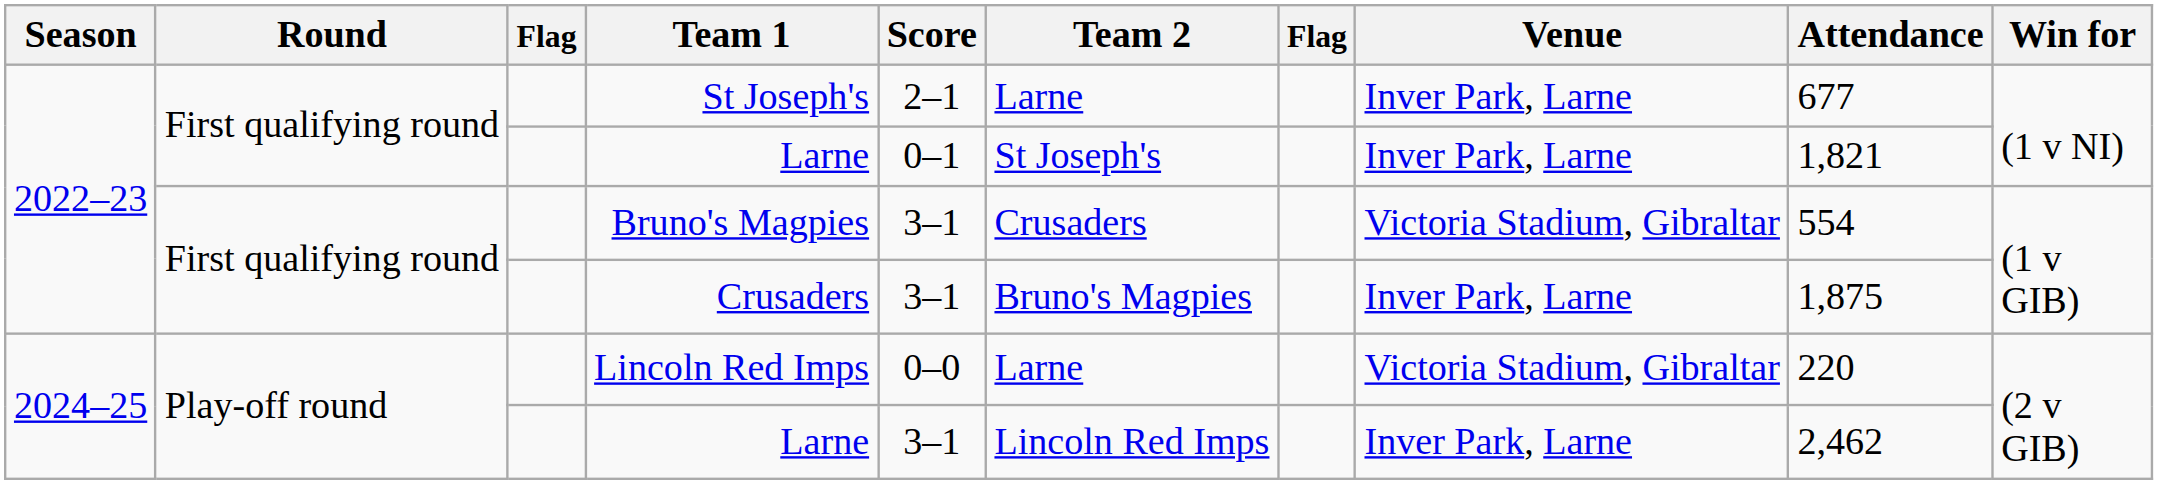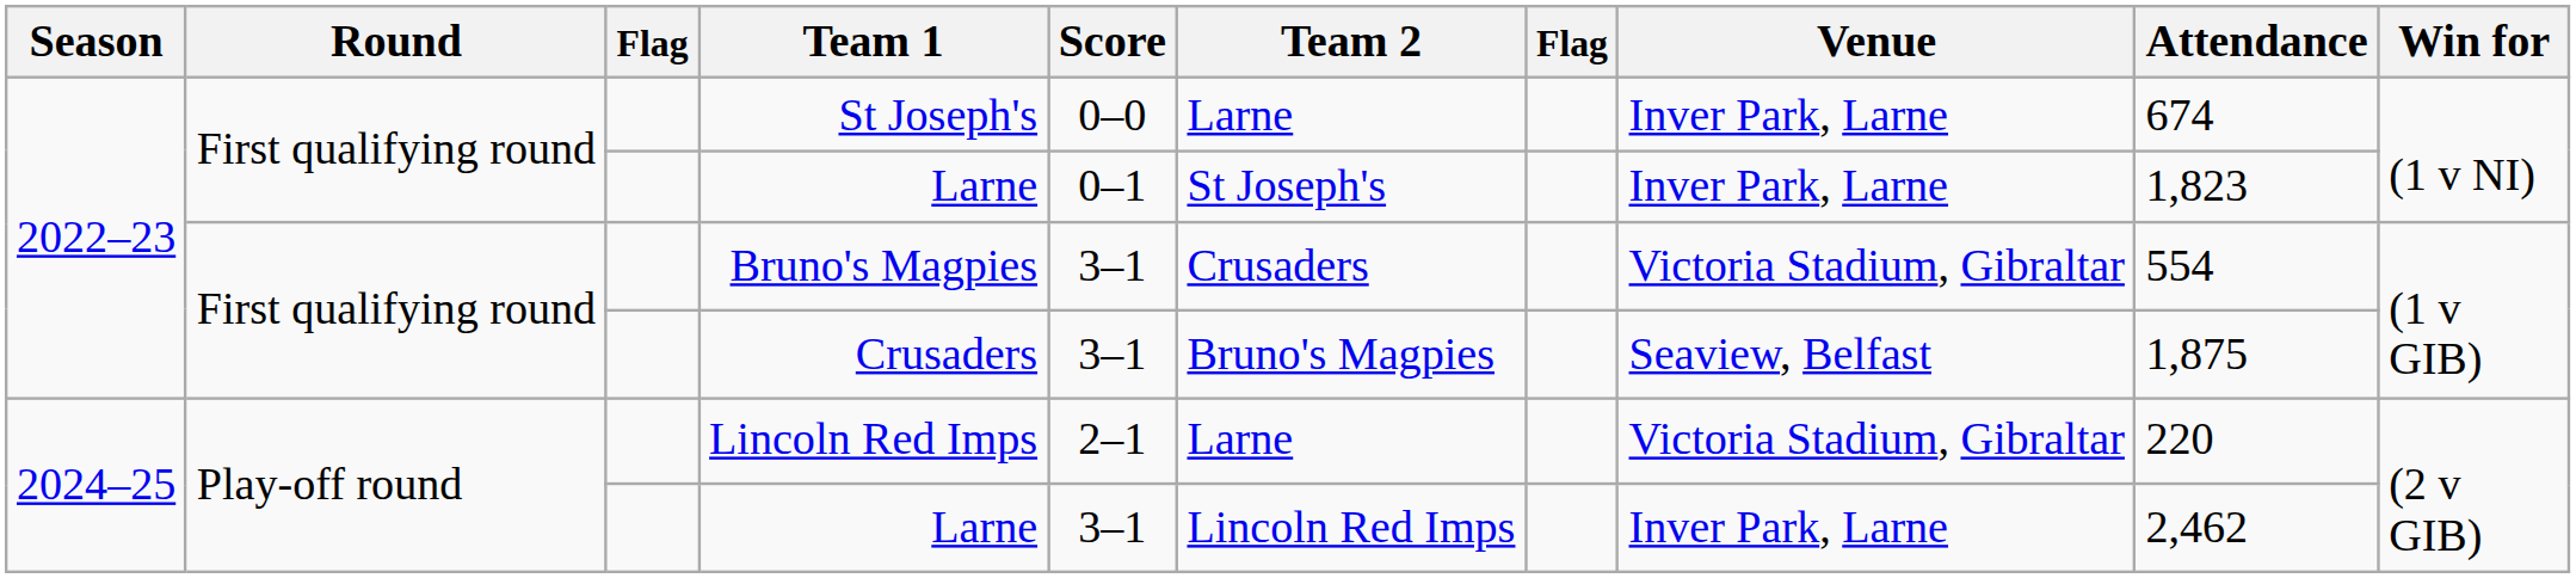 <table class="wikitable sortable">
 <tr>
 <th>Season</th>
 <th>Round</th>
 <th align=center><small>Flag</small></th>
 <th>Team 1</th>
 <th>Score</th>
 <th>Team 2</th>
 <th align=center><small>Flag</small></th>
 <th>Venue</th>
 <th>Attendance</th>
 <th width=60>Win for</th>
 </tr>
 <tr>
 <td rowspan="4"><a href='#'>2022–23</a></td>
 <td rowspan="2">First qualifying round</td>
 <td align="center"></td>
 <td align="right"><a href='#'>St Joseph's</a></td>
-<td style="text-align:center;">2–1</td>
+<td style="text-align:center;">0–0</td>
 <td><a href='#'>Larne</a></td>
 <td align="center"></td>
 <td><a href='#'>Inver Park</a>, <a href='#'>Larne</a></td>
-<td>677</td>
+<td>674</td>
 <td rowspan="2"><br>(1 v NI)</td>
 </tr>
 <tr>
 <td align="center"></td>
 <td align="right"><a href='#'>Larne</a></td>
 <td style="text-align:center;">0–1</td>
 <td><a href='#'>St Joseph's</a></td>
 <td align="center"></td>
 <td><a href='#'>Inver Park</a>, <a href='#'>Larne</a></td>
-<td>1,821</td>
+<td>1,823</td>
 </tr>
 <tr>
 <td rowspan=2>First qualifying round</td>
 <td align=center></td>
 <td align="right"><a href='#'>Bruno's Magpies</a></td>
 <td style="text-align:center;">3–1</td>
 <td><a href='#'>Crusaders</a></td>
 <td align=center></td>
 <td><a href='#'>Victoria Stadium</a>, <a href='#'>Gibraltar</a></td>
 <td>554</td>
 <td rowspan=2><br>(1 v GIB)</td>
 </tr>
 <tr>
 <td align=center></td>
 <td align="right"><a href='#'>Crusaders</a></td>
 <td style="text-align:center;">3–1</td>
 <td><a href='#'>Bruno's Magpies</a></td>
 <td align=center></td>
-<td><a href='#'>Inver Park</a>, <a href='#'>Larne</a></td>
+<td><a href='#'>Seaview</a>, <a href='#'>Belfast</a></td>
 <td>1,875</td>
 </tr>
 <tr>
 <td rowspan=2><a href='#'>2024–25</a></td>
 <td rowspan=2>Play-off round</td>
 <td align=center></td>
 <td align="right"><a href='#'>Lincoln Red Imps</a></td>
-<td style="text-align:center;">0–0</td>
+<td style="text-align:center;">2–1</td>
 <td><a href='#'>Larne</a></td>
 <td align=center></td>
 <td><a href='#'>Victoria Stadium</a>, <a href='#'>Gibraltar</a></td>
 <td>220</td>
 <td rowspan=2><br>(2 v GIB)</td>
 </tr>
 <tr>
 <td align=center></td>
 <td align="right"><a href='#'>Larne</a></td>
 <td style="text-align:center;">3–1</td>
 <td><a href='#'>Lincoln Red Imps</a></td>
 <td align=center></td>
 <td><a href='#'>Inver Park</a>, <a href='#'>Larne</a></td>
 <td>2,462</td>
 </tr>
 </table>
